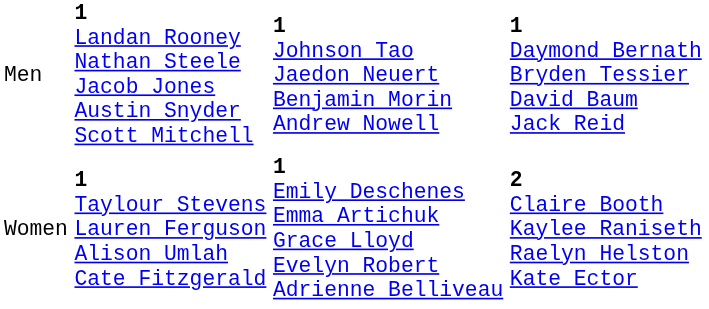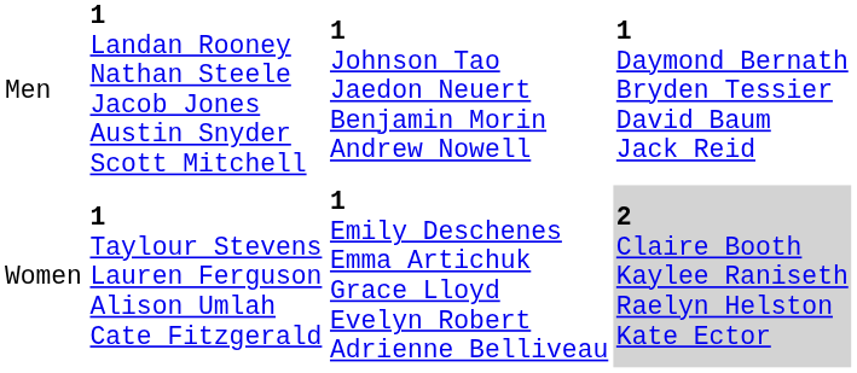 <table>
 <tr>
 <td>Men</td>
 <td><strong> 1</strong><br><a href='#'>Landan Rooney</a><br><a href='#'>Nathan Steele</a><br><a href='#'>Jacob Jones</a><br><a href='#'>Austin Snyder</a><br><a href='#'>Scott Mitchell</a></td>
 <td><strong> 1</strong><br><a href='#'>Johnson Tao</a><br><a href='#'>Jaedon Neuert</a><br><a href='#'>Benjamin Morin</a><br><a href='#'>Andrew Nowell</a></td>
 <td><strong> 1</strong><br><a href='#'>Daymond Bernath</a><br><a href='#'>Bryden Tessier</a><br><a href='#'>David Baum</a><br><a href='#'>Jack Reid</a></td>
 </tr>
 <tr>
 <td>Women</td>
 <td><strong> 1</strong><br><a href='#'>Taylour Stevens</a><br><a href='#'>Lauren Ferguson</a><br><a href='#'>Alison Umlah</a><br><a href='#'>Cate Fitzgerald</a></td>
 <td><strong> 1</strong><br><a href='#'>Emily Deschenes</a><br><a href='#'>Emma Artichuk</a><br><a href='#'>Grace Lloyd</a><br><a href='#'>Evelyn Robert</a><br><a href='#'>Adrienne Belliveau</a></td>
-<td><strong> 2</strong><br><a href='#'>Claire Booth</a><br><a href='#'>Kaylee Raniseth</a><br><a href='#'>Raelyn Helston</a><br><a href='#'>Kate Ector</a></td>
+<td style="background: lightgrey;"><strong> 2</strong><br><a href='#'>Claire Booth</a><br><a href='#'>Kaylee Raniseth</a><br><a href='#'>Raelyn Helston</a><br><a href='#'>Kate Ector</a></td>
 </tr>
 </table>
